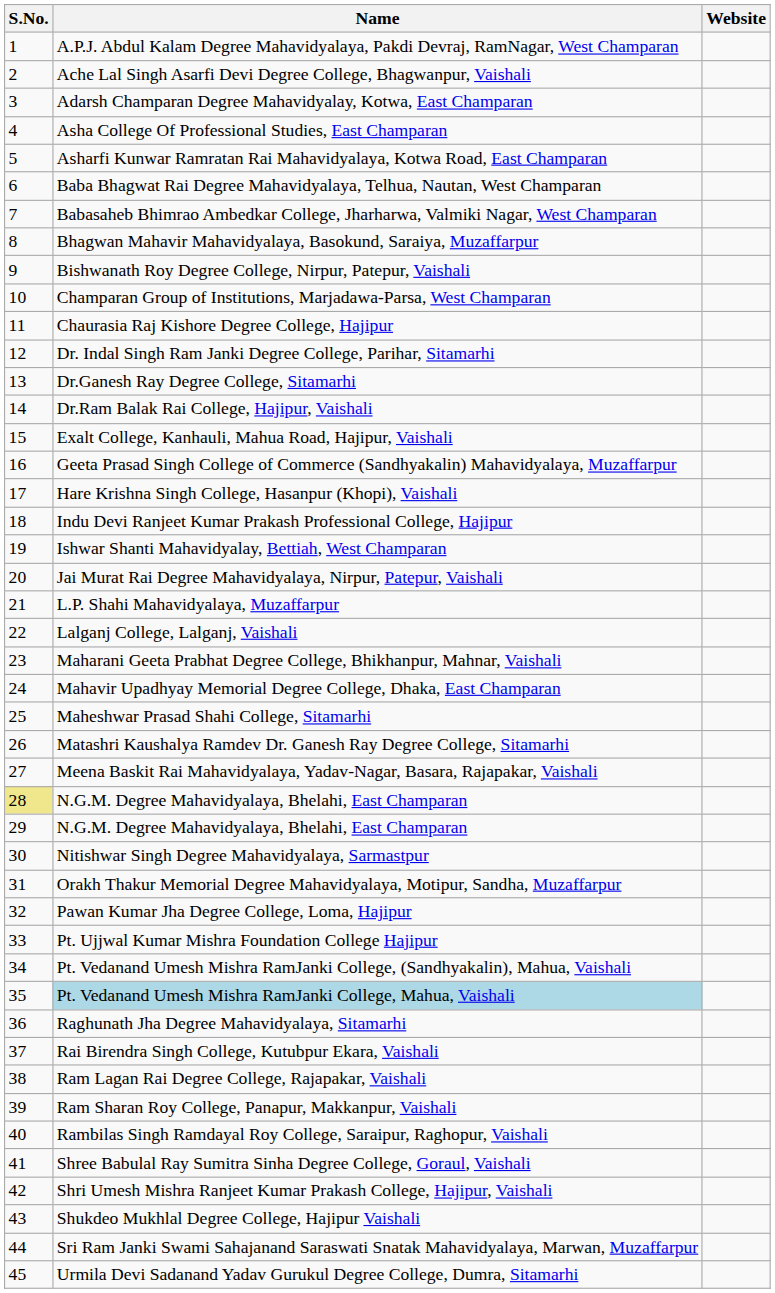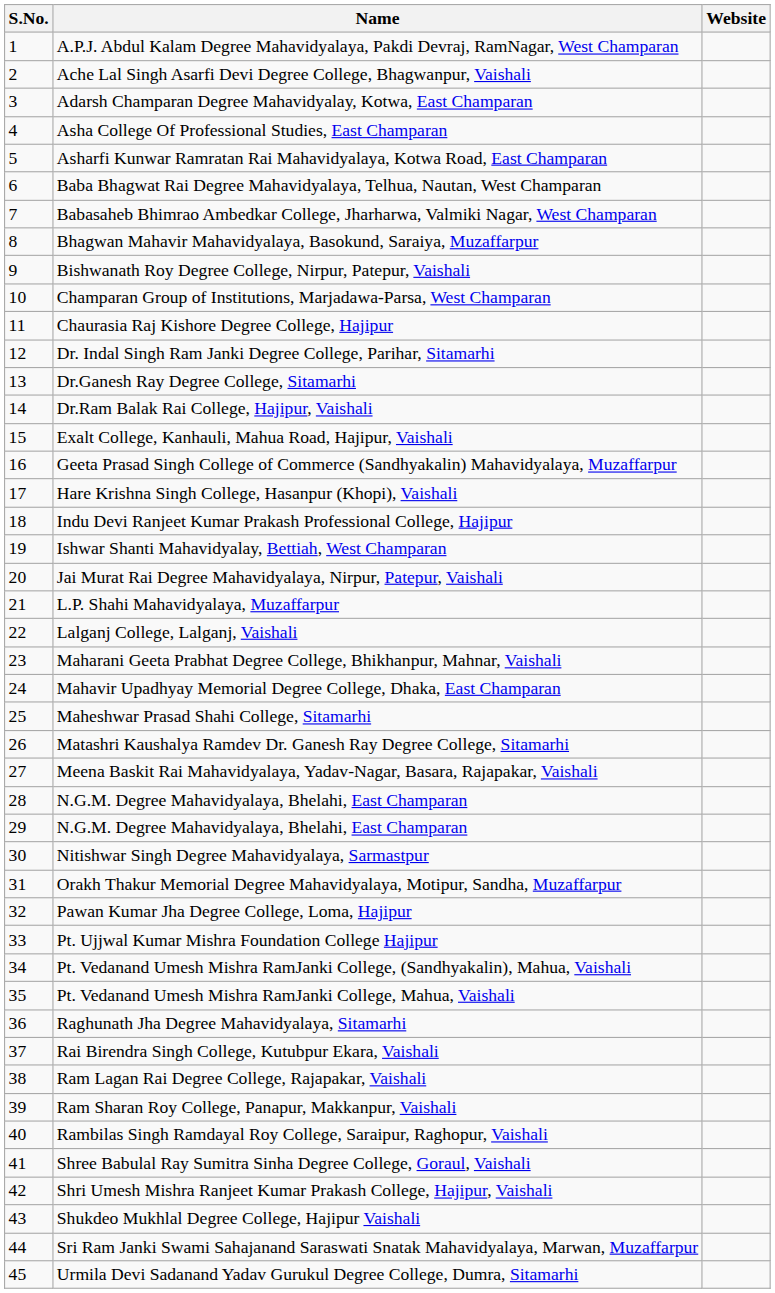 <table class="wikitable sortable">
 <tr>
 <th>S.No.</th>
 <th>Name</th>
 <th>Website</th>
 </tr>
 <tr>
 <td>1</td>
 <td>A.P.J. Abdul Kalam Degree Mahavidyalaya, Pakdi Devraj, RamNagar, <a href='#'>West Champaran</a></td>
 <td></td>
 </tr>
 <tr>
 <td>2</td>
 <td>Ache Lal Singh Asarfi Devi Degree College, Bhagwanpur, <a href='#'>Vaishali</a></td>
 <td></td>
 </tr>
 <tr>
 <td>3</td>
 <td>Adarsh Champaran Degree Mahavidyalay, Kotwa, <a href='#'>East Champaran</a></td>
 <td></td>
 </tr>
 <tr>
 <td>4</td>
 <td>Asha College Of Professional Studies, <a href='#'>East Champaran</a></td>
 <td></td>
 </tr>
 <tr>
 <td>5</td>
 <td>Asharfi Kunwar Ramratan Rai Mahavidyalaya, Kotwa Road, <a href='#'>East Champaran</a></td>
 <td></td>
 </tr>
 <tr>
 <td>6</td>
 <td>Baba Bhagwat Rai Degree Mahavidyalaya, Telhua, Nautan, West Champaran</td>
 <td></td>
 </tr>
 <tr>
 <td>7</td>
 <td>Babasaheb Bhimrao Ambedkar College, Jharharwa, Valmiki Nagar, <a href='#'>West Champaran</a></td>
 <td></td>
 </tr>
 <tr>
 <td>8</td>
 <td>Bhagwan Mahavir Mahavidyalaya, Basokund, Saraiya, <a href='#'>Muzaffarpur</a></td>
 </tr>
 <tr>
 <td>9</td>
 <td>Bishwanath Roy Degree College, Nirpur, Patepur, <a href='#'>Vaishali</a></td>
 <td></td>
 </tr>
 <tr>
 <td>10</td>
 <td>Champaran Group of Institutions, Marjadawa-Parsa, <a href='#'>West Champaran</a></td>
 <td></td>
 </tr>
 <tr>
 <td>11</td>
 <td>Chaurasia Raj Kishore Degree College, <a href='#'>Hajipur</a></td>
 <td></td>
 </tr>
 <tr>
 <td>12</td>
 <td>Dr. Indal Singh Ram Janki Degree College, Parihar, <a href='#'>Sitamarhi</a></td>
 <td></td>
 </tr>
 <tr>
 <td>13</td>
 <td>Dr.Ganesh Ray Degree College, <a href='#'>Sitamarhi</a></td>
 <td></td>
 </tr>
 <tr>
 <td>14</td>
 <td>Dr.Ram Balak Rai College, <a href='#'>Hajipur</a>, <a href='#'>Vaishali</a></td>
 <td></td>
 </tr>
 <tr>
 <td>15</td>
 <td>Exalt College, Kanhauli, Mahua Road, Hajipur, <a href='#'>Vaishali</a></td>
 <td></td>
 </tr>
 <tr>
 <td>16</td>
 <td>Geeta Prasad Singh College of Commerce (Sandhyakalin) Mahavidyalaya, <a href='#'>Muzaffarpur</a></td>
 <td></td>
 </tr>
 <tr>
 <td>17</td>
 <td>Hare Krishna Singh College, Hasanpur (Khopi), <a href='#'>Vaishali</a></td>
 <td></td>
 </tr>
 <tr>
 <td>18</td>
 <td>Indu Devi Ranjeet Kumar Prakash Professional College, <a href='#'>Hajipur</a></td>
 <td></td>
 </tr>
 <tr>
 <td>19</td>
 <td>Ishwar Shanti Mahavidyalay, <a href='#'>Bettiah</a>, <a href='#'>West Champaran</a></td>
 <td></td>
 </tr>
 <tr>
 <td>20</td>
 <td>Jai Murat Rai Degree Mahavidyalaya, Nirpur, <a href='#'>Patepur</a>, <a href='#'>Vaishali</a></td>
 <td></td>
 </tr>
 <tr>
 <td>21</td>
 <td>L.P. Shahi Mahavidyalaya, <a href='#'>Muzaffarpur</a></td>
 <td></td>
 </tr>
 <tr>
 <td>22</td>
 <td>Lalganj College, Lalganj, <a href='#'>Vaishali</a></td>
 <td></td>
 </tr>
 <tr>
 <td>23</td>
 <td>Maharani Geeta Prabhat Degree College, Bhikhanpur, Mahnar, <a href='#'>Vaishali</a></td>
 <td></td>
 </tr>
 <tr>
 <td>24</td>
 <td>Mahavir Upadhyay Memorial Degree College, Dhaka, <a href='#'>East Champaran</a></td>
 <td></td>
 </tr>
 <tr>
 <td>25</td>
 <td>Maheshwar Prasad Shahi College, <a href='#'>Sitamarhi</a></td>
 <td></td>
 </tr>
 <tr>
 <td>26</td>
 <td>Matashri Kaushalya Ramdev Dr. Ganesh Ray Degree College, <a href='#'>Sitamarhi</a></td>
 <td></td>
 </tr>
 <tr>
 <td>27</td>
 <td>Meena Baskit Rai Mahavidyalaya, Yadav-Nagar, Basara, Rajapakar, <a href='#'>Vaishali</a></td>
 <td></td>
 </tr>
 <tr>
-<td style="background: khaki;">28</td>
+<td>28</td>
 <td>N.G.M. Degree Mahavidyalaya, Bhelahi, <a href='#'>East Champaran</a></td>
 <td></td>
 </tr>
 <tr>
 <td>29</td>
 <td>N.G.M. Degree Mahavidyalaya, Bhelahi, <a href='#'>East Champaran</a></td>
 <td></td>
 </tr>
 <tr>
 <td>30</td>
 <td>Nitishwar Singh Degree Mahavidyalaya, <a href='#'>Sarmastpur</a></td>
 <td></td>
 </tr>
 <tr>
 <td>31</td>
 <td>Orakh Thakur Memorial Degree Mahavidyalaya, Motipur, Sandha, <a href='#'>Muzaffarpur</a></td>
 <td></td>
 </tr>
 <tr>
 <td>32</td>
 <td>Pawan Kumar Jha Degree College, Loma, <a href='#'>Hajipur</a></td>
 <td></td>
 </tr>
 <tr>
 <td>33</td>
 <td>Pt. Ujjwal Kumar Mishra Foundation College <a href='#'>Hajipur</a></td>
 <td></td>
 </tr>
 <tr>
 <td>34</td>
 <td>Pt. Vedanand Umesh Mishra RamJanki College, (Sandhyakalin), Mahua, <a href='#'>Vaishali</a></td>
 <td></td>
 </tr>
 <tr>
 <td>35</td>
-<td style="background: lightblue;">Pt. Vedanand Umesh Mishra RamJanki College, Mahua, <a href='#'>Vaishali</a></td>
+<td>Pt. Vedanand Umesh Mishra RamJanki College, Mahua, <a href='#'>Vaishali</a></td>
 <td></td>
 </tr>
 <tr>
 <td>36</td>
 <td>Raghunath Jha Degree Mahavidyalaya, <a href='#'>Sitamarhi</a></td>
 <td></td>
 </tr>
 <tr>
 <td>37</td>
 <td>Rai Birendra Singh College, Kutubpur Ekara, <a href='#'>Vaishali</a></td>
 <td></td>
 </tr>
 <tr>
 <td>38</td>
 <td>Ram Lagan Rai Degree College, Rajapakar, <a href='#'>Vaishali</a></td>
 <td></td>
 </tr>
 <tr>
 <td>39</td>
 <td>Ram Sharan Roy College, Panapur, Makkanpur, <a href='#'>Vaishali</a></td>
 <td></td>
 </tr>
 <tr>
 <td>40</td>
 <td>Rambilas Singh Ramdayal Roy College, Saraipur, Raghopur, <a href='#'>Vaishali</a></td>
 <td></td>
 </tr>
 <tr>
 <td>41</td>
 <td>Shree Babulal Ray Sumitra Sinha Degree College, <a href='#'>Goraul</a>, <a href='#'>Vaishali</a></td>
 <td></td>
 </tr>
 <tr>
 <td>42</td>
 <td>Shri Umesh Mishra Ranjeet Kumar Prakash College, <a href='#'>Hajipur</a>, <a href='#'>Vaishali</a></td>
 <td></td>
 </tr>
 <tr>
 <td>43</td>
 <td>Shukdeo Mukhlal Degree College, Hajipur <a href='#'>Vaishali</a></td>
 </tr>
 <tr>
 <td>44</td>
 <td>Sri Ram Janki Swami Sahajanand Saraswati Snatak Mahavidyalaya, Marwan, <a href='#'>Muzaffarpur</a></td>
 <td></td>
 </tr>
 <tr>
 <td>45</td>
 <td>Urmila Devi Sadanand Yadav Gurukul Degree College, Dumra, <a href='#'>Sitamarhi</a></td>
 <td></td>
 </tr>
 </table>
